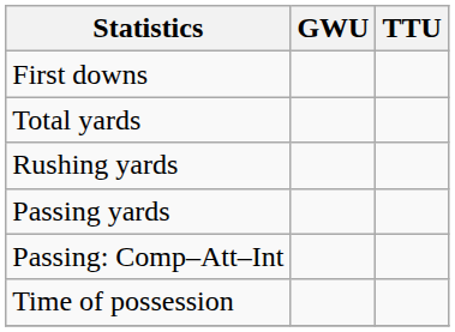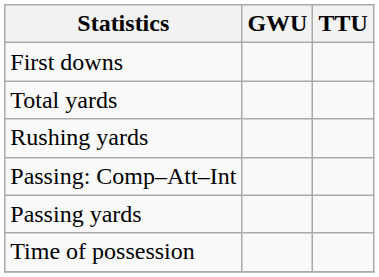 <table class="wikitable" style="float: left;">
 <tr>
 <th>Statistics</th>
 <th>GWU</th>
 <th>TTU</th>
 </tr>
 <tr>
 <td>First downs</td>
 <td></td>
 <td></td>
 </tr>
 <tr>
 <td>Total yards</td>
 <td></td>
 <td></td>
 </tr>
 <tr>
 <td>Rushing yards</td>
 <td></td>
 <td></td>
 </tr>
 <tr>
-<td>Passing yards</td>
+<td>Passing: Comp–Att–Int</td>
 <td></td>
 <td></td>
 </tr>
 <tr>
-<td>Passing: Comp–Att–Int</td>
+<td>Passing yards</td>
 <td></td>
 <td></td>
 </tr>
 <tr>
 <td>Time of possession</td>
 <td></td>
 <td></td>
 </tr>
 <tr>
 </tr>
 </table>
